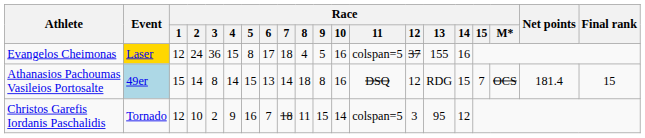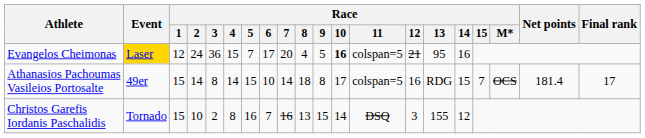 <table class="wikitable" style="font-size:90%">
 <tr>
 <th rowspan=2>Athlete</th>
 <th rowspan=2>Event</th>
 <th colspan=16>Race</th>
 <th rowspan=2>Net points</th>
 <th rowspan=2>Final rank</th>
 </tr>
 <tr style="font-size:95%">
 <th>1</th>
 <th>2</th>
 <th>3</th>
 <th>4</th>
 <th>5</th>
 <th>6</th>
 <th>7</th>
 <th>8</th>
 <th>9</th>
 <th>10</th>
 <th>11</th>
 <th>12</th>
 <th>13</th>
 <th>14</th>
 <th>15</th>
 <th>M*</th>
 </tr>
 <tr align=center>
 <td align=left><a href='#'>Evangelos Cheimonas</a></td>
 <td align=left style="background: gold;"><a href='#'>Laser</a></td>
 <td>12</td>
 <td>24</td>
 <td>36</td>
 <td>15</td>
-<td>8</td>
+<td>7</td>
 <td>17</td>
-<td>18</td>
+<td>20</td>
 <td>4</td>
 <td>5</td>
-<td>16</td>
+<td><strong>16</strong></td>
 <td>colspan=5 </td>
-<td><s>37</s></td>
-<td>155</td>
+<td><s>21</s></td>
+<td>95</td>
 <td>16</td>
 </tr>
 <tr align=center>
 <td align=left><a href='#'>Athanasios Pachoumas</a><br><a href='#'>Vasileios Portosalte</a></td>
-<td align=left style="background: lightblue;"><a href='#'>49er</a></td>
+<td align=left><a href='#'>49er</a></td>
 <td>15</td>
 <td>14</td>
 <td>8</td>
 <td>14</td>
 <td>15</td>
-<td>13</td>
+<td>10</td>
 <td>14</td>
 <td>18</td>
 <td>8</td>
+<td>17</td>
+<td>colspan=5 </td>
 <td>16</td>
-<td><s>DSQ</s></td>
-<td>12</td>
 <td>RDG</td>
 <td>15</td>
 <td>7</td>
 <td><s>OCS</s></td>
 <td>181.4</td>
-<td>15</td>
+<td>17</td>
 </tr>
 <tr align=center>
 <td align=left><a href='#'>Christos Garefis</a><br><a href='#'>Iordanis Paschalidis</a></td>
 <td align=left><a href='#'>Tornado</a></td>
-<td>12</td>
+<td>15</td>
 <td>10</td>
 <td>2</td>
-<td>9</td>
+<td>8</td>
 <td>16</td>
 <td>7</td>
-<td><s>18</s></td>
-<td>11</td>
+<td><s>16</s></td>
+<td>13</td>
 <td>15</td>
 <td>14</td>
-<td>colspan=5 </td>
+<td><s>DSQ</s></td>
 <td>3</td>
-<td>95</td>
+<td>155</td>
 <td>12</td>
 </tr>
 </table>
